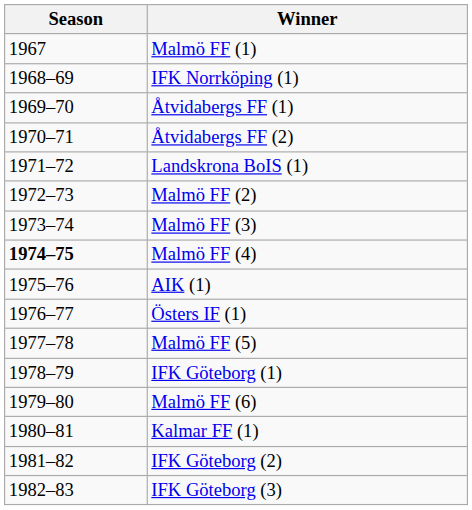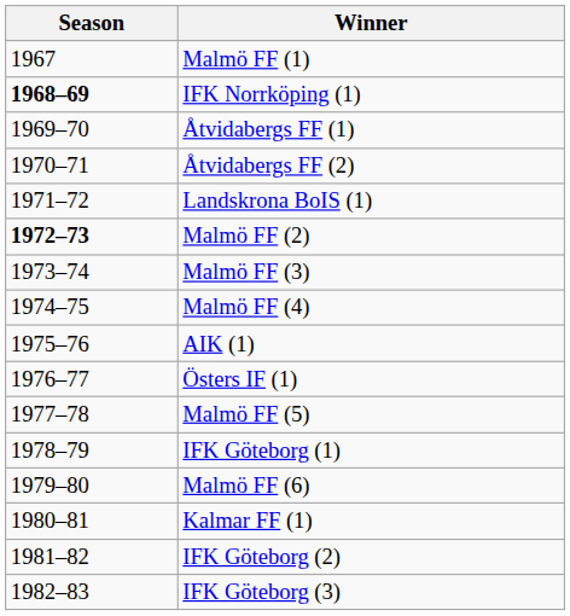 <table class="wikitable" style="width:400px;">
 <tr>
 <th>Season</th>
 <th>Winner</th>
 </tr>
 <tr>
 <td>1967</td>
 <td><a href='#'>Malmö FF</a> (1)</td>
 </tr>
 <tr>
-<td>1968–69</td>
+<td><strong>1968–69</strong></td>
 <td><a href='#'>IFK Norrköping</a> (1)</td>
 </tr>
 <tr>
 <td>1969–70</td>
 <td><a href='#'>Åtvidabergs FF</a> (1)</td>
 </tr>
 <tr>
 <td>1970–71</td>
 <td><a href='#'>Åtvidabergs FF</a> (2)</td>
 </tr>
 <tr>
 <td>1971–72</td>
 <td><a href='#'>Landskrona BoIS</a> (1)</td>
 </tr>
 <tr>
-<td>1972–73</td>
+<td><strong>1972–73</strong></td>
 <td><a href='#'>Malmö FF</a> (2)</td>
 </tr>
 <tr>
 <td>1973–74</td>
 <td><a href='#'>Malmö FF</a> (3)</td>
 </tr>
 <tr>
-<td><strong>1974–75</strong></td>
+<td>1974–75</td>
 <td><a href='#'>Malmö FF</a> (4)</td>
 </tr>
 <tr>
 <td>1975–76</td>
 <td><a href='#'>AIK</a> (1)</td>
 </tr>
 <tr>
 <td>1976–77</td>
 <td><a href='#'>Östers IF</a> (1)</td>
 </tr>
 <tr>
 <td>1977–78</td>
 <td><a href='#'>Malmö FF</a> (5)</td>
 </tr>
 <tr>
 <td>1978–79</td>
 <td><a href='#'>IFK Göteborg</a> (1)</td>
 </tr>
 <tr>
 <td>1979–80</td>
 <td><a href='#'>Malmö FF</a> (6)</td>
 </tr>
 <tr>
 <td>1980–81</td>
 <td><a href='#'>Kalmar FF</a> (1)</td>
 </tr>
 <tr>
 <td>1981–82</td>
 <td><a href='#'>IFK Göteborg</a> (2)</td>
 </tr>
 <tr>
 <td>1982–83</td>
 <td><a href='#'>IFK Göteborg</a> (3)</td>
 </tr>
 </table>
